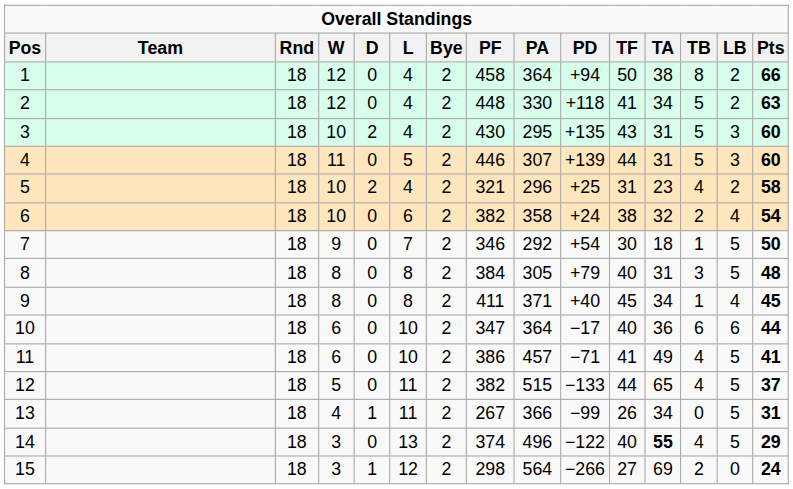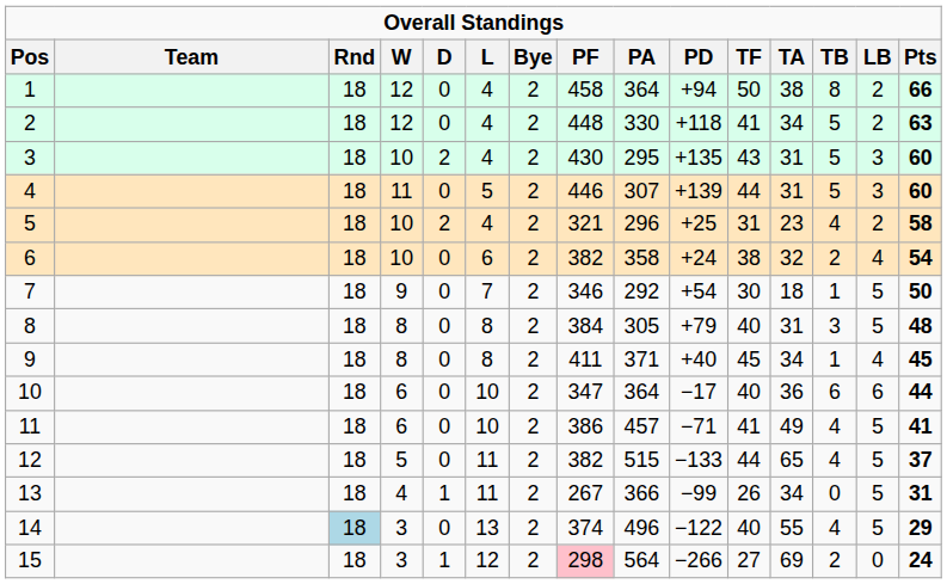 <table class="wikitable" style="float:left; margin-right:15px; text-align: center;">
 <tr>
 <td colspan=15><div><strong>Overall Standings</strong></div></td>
 </tr>
 <tr>
 <th style="width:25px;">Pos</th>
 <th style="width:200px;">Team</th>
 <th style="width:25px;">Rnd</th>
 <th style="width:25px;">W</th>
 <th style="width:25px;">D</th>
 <th style="width:25px;">L</th>
 <th style="width:25px;">Bye</th>
 <th style="width:35px;">PF</th>
 <th style="width:35px;">PA</th>
 <th style="width:35px;">PD</th>
 <th style="width:25px;">TF</th>
 <th style="width:25px;">TA</th>
 <th style="width:25px;">TB</th>
 <th style="width:25px;">LB</th>
 <th style="width:25px;">Pts<br></th>
 </tr>
 <tr style="background:#d8ffeb; text-align:center;">
 <td>1</td>
 <td align=left></td>
 <td>18</td>
 <td>12</td>
 <td>0</td>
 <td>4</td>
 <td>2</td>
 <td>458</td>
 <td>364</td>
 <td>+94</td>
 <td>50</td>
 <td>38</td>
 <td>8</td>
 <td>2</td>
 <td><strong>66</strong></td>
 </tr>
 <tr style="background:#d8ffeb; text-align:center;">
 <td>2</td>
 <td align=left></td>
 <td>18</td>
 <td>12</td>
 <td>0</td>
 <td>4</td>
 <td>2</td>
 <td>448</td>
 <td>330</td>
 <td>+118</td>
 <td>41</td>
 <td>34</td>
 <td>5</td>
 <td>2</td>
 <td><strong>63</strong></td>
 </tr>
 <tr style="background:#d8ffeb; text-align:center;">
 <td>3</td>
 <td align=left></td>
 <td>18</td>
 <td>10</td>
 <td>2</td>
 <td>4</td>
 <td>2</td>
 <td>430</td>
 <td>295</td>
 <td>+135</td>
 <td>43</td>
 <td>31</td>
 <td>5</td>
 <td>3</td>
 <td><strong>60</strong></td>
 </tr>
 <tr style="background:#ffe6bd;">
 <td>4</td>
 <td align=left></td>
 <td>18</td>
 <td>11</td>
 <td>0</td>
 <td>5</td>
 <td>2</td>
 <td>446</td>
 <td>307</td>
 <td>+139</td>
 <td>44</td>
 <td>31</td>
 <td>5</td>
 <td>3</td>
 <td><strong>60</strong></td>
 </tr>
 <tr style="background:#ffe6bd;">
 <td>5</td>
 <td align=left></td>
 <td>18</td>
 <td>10</td>
 <td>2</td>
 <td>4</td>
 <td>2</td>
 <td>321</td>
 <td>296</td>
 <td>+25</td>
 <td>31</td>
 <td>23</td>
 <td>4</td>
 <td>2</td>
 <td><strong>58</strong></td>
 </tr>
 <tr style="background:#ffe6bd;">
 <td>6</td>
 <td align=left></td>
 <td>18</td>
 <td>10</td>
 <td>0</td>
 <td>6</td>
 <td>2</td>
 <td>382</td>
 <td>358</td>
 <td>+24</td>
 <td>38</td>
 <td>32</td>
 <td>2</td>
 <td>4</td>
 <td><strong>54</strong></td>
 </tr>
 <tr>
 <td>7</td>
 <td align=left></td>
 <td>18</td>
 <td>9</td>
 <td>0</td>
 <td>7</td>
 <td>2</td>
 <td>346</td>
 <td>292</td>
 <td>+54</td>
 <td>30</td>
 <td>18</td>
 <td>1</td>
 <td>5</td>
 <td><strong>50</strong></td>
 </tr>
 <tr>
 <td>8</td>
 <td align=left></td>
 <td>18</td>
 <td>8</td>
 <td>0</td>
 <td>8</td>
 <td>2</td>
 <td>384</td>
 <td>305</td>
 <td>+79</td>
 <td>40</td>
 <td>31</td>
 <td>3</td>
 <td>5</td>
 <td><strong>48</strong></td>
 </tr>
 <tr>
 <td>9</td>
 <td align=left></td>
 <td>18</td>
 <td>8</td>
 <td>0</td>
 <td>8</td>
 <td>2</td>
 <td>411</td>
 <td>371</td>
 <td>+40</td>
 <td>45</td>
 <td>34</td>
 <td>1</td>
 <td>4</td>
 <td><strong>45</strong></td>
 </tr>
 <tr>
 <td>10</td>
 <td align=left><strong></strong></td>
 <td>18</td>
 <td>6</td>
 <td>0</td>
 <td>10</td>
 <td>2</td>
 <td>347</td>
 <td>364</td>
 <td>−17</td>
 <td>40</td>
 <td>36</td>
 <td>6</td>
 <td>6</td>
 <td><strong>44</strong></td>
 </tr>
 <tr>
 <td>11</td>
 <td align=left></td>
 <td>18</td>
 <td>6</td>
 <td>0</td>
 <td>10</td>
 <td>2</td>
 <td>386</td>
 <td>457</td>
 <td>−71</td>
 <td>41</td>
 <td>49</td>
 <td>4</td>
 <td>5</td>
 <td><strong>41</strong></td>
 </tr>
 <tr>
 <td>12</td>
 <td align=left></td>
 <td>18</td>
 <td>5</td>
 <td>0</td>
 <td>11</td>
 <td>2</td>
 <td>382</td>
 <td>515</td>
 <td>−133</td>
 <td>44</td>
 <td>65</td>
 <td>4</td>
 <td>5</td>
 <td><strong>37</strong></td>
 </tr>
 <tr>
 <td>13</td>
 <td align=left></td>
 <td>18</td>
 <td>4</td>
 <td>1</td>
 <td>11</td>
 <td>2</td>
 <td>267</td>
 <td>366</td>
 <td>−99</td>
 <td>26</td>
 <td>34</td>
 <td>0</td>
 <td>5</td>
 <td><strong>31</strong></td>
 </tr>
 <tr>
 <td>14</td>
 <td align=left></td>
-<td>18</td>
+<td style="background: lightblue;">18</td>
 <td>3</td>
 <td>0</td>
 <td>13</td>
 <td>2</td>
 <td>374</td>
 <td>496</td>
 <td>−122</td>
 <td>40</td>
-<td><strong>55</strong></td>
+<td>55</td>
 <td>4</td>
 <td>5</td>
 <td><strong>29</strong></td>
 </tr>
 <tr>
 <td>15</td>
 <td align=left></td>
 <td>18</td>
 <td>3</td>
 <td>1</td>
 <td>12</td>
 <td>2</td>
-<td>298</td>
+<td style="background: pink;">298</td>
 <td>564</td>
 <td>−266</td>
 <td>27</td>
 <td>69</td>
 <td>2</td>
 <td>0</td>
 <td><strong>24</strong></td>
 </tr>
 </table>
